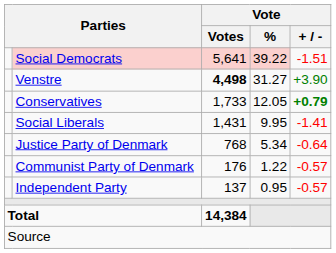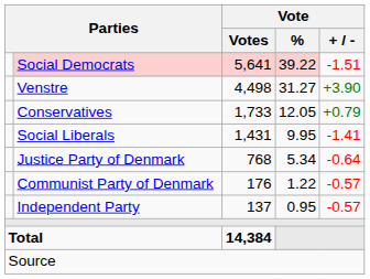 <table class="wikitable" style="text-align:right;">
 <tr>
 <th style="text-align:centre;" rowspan="2" colspan="2" width="225">Parties</th>
 <th colspan="3">Vote</th>
 </tr>
 <tr>
 <th width="15">Votes</th>
 <th width="15">%</th>
 <th width="15">+ / -</th>
 </tr>
 <tr>
 <td width="2" style="color:inherit;background:"></td>
 <td bgcolor=#fbd0ce  align="left"><a href='#'>Social Democrats</a></td>
 <td bgcolor=#fbd0ce>5,641</td>
 <td bgcolor=#fbd0ce>39.22</td>
 <td style=color:red;>-1.51</td>
 </tr>
 <tr>
 <td width="2" style="color:inherit;background:"></td>
 <td align="left"><a href='#'>Venstre</a></td>
-<td><strong>4,498</strong></td>
+<td>4,498</td>
 <td>31.27</td>
 <td style=color:green;>+3.90</td>
 </tr>
 <tr>
 <td width="2" style="color:inherit;background:"></td>
 <td align="left"><a href='#'>Conservatives</a></td>
 <td>1,733</td>
 <td>12.05</td>
-<td style=color:green;><strong>+0.79</strong></td>
+<td style=color:green;>+0.79</td>
 </tr>
 <tr>
 <td width="2" style="color:inherit;background:"></td>
 <td align="left"><a href='#'>Social Liberals</a></td>
 <td>1,431</td>
 <td>9.95</td>
 <td style=color:red;>-1.41</td>
 </tr>
 <tr>
 <td width="2" style="color:inherit;background:"></td>
 <td align="left"><a href='#'>Justice Party of Denmark</a></td>
 <td>768</td>
 <td>5.34</td>
 <td style=color:red;>-0.64</td>
 </tr>
 <tr>
 <td width="2" style="color:inherit;background:"></td>
 <td align="left"><a href='#'>Communist Party of Denmark</a></td>
 <td>176</td>
 <td>1.22</td>
 <td style=color:red;>-0.57</td>
 </tr>
 <tr>
 <td width="2" style="color:inherit;background:"></td>
 <td align="left"><a href='#'>Independent Party</a></td>
 <td>137</td>
 <td>0.95</td>
 <td style=color:red;>-0.57</td>
 </tr>
 <tr>
 <td colspan="7" bgcolor="#E9E9E9"></td>
 </tr>
 <tr>
 <td align="left" colspan="2"><strong>Total</strong></td>
 <td><strong>14,384</strong></td>
 <td bgcolor="#E9E9E9" colspan="2"></td>
 </tr>
 <tr>
 <td align="left" colspan="6">Source</td>
 </tr>
 </table>
